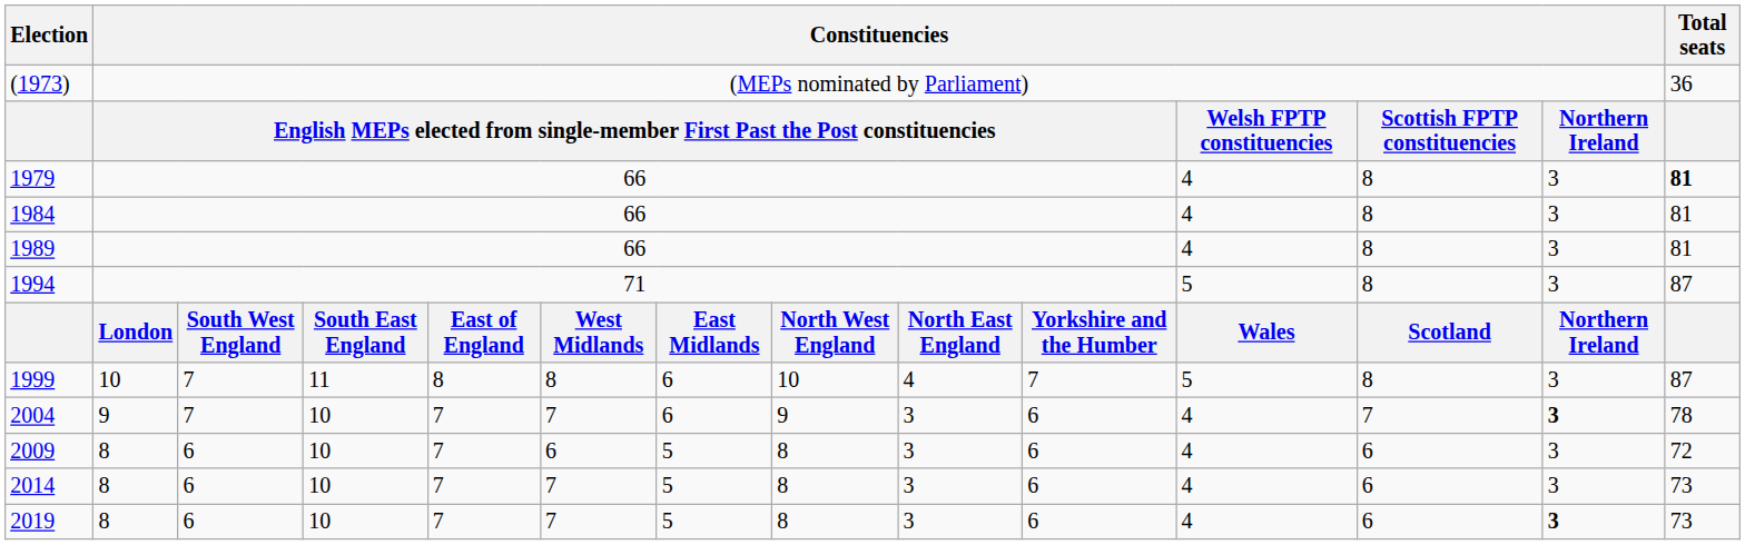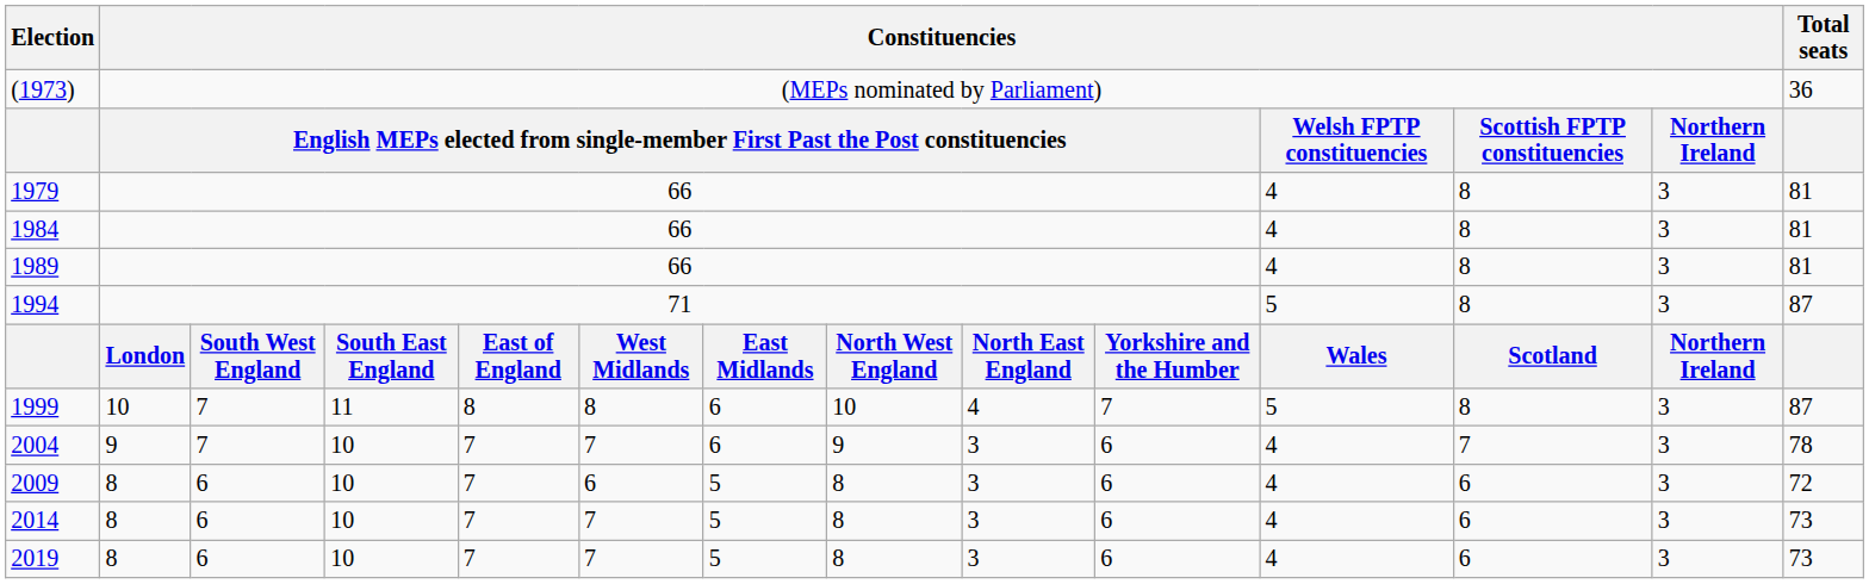 <table class="wikitable">
 <tr>
 <th>Election</th>
 <th colspan="12">Constituencies</th>
 <th>Total seats</th>
 </tr>
 <tr>
 <td>(<a href='#'>1973</a>)</td>
 <td colspan="12" align ="center">(<a href='#'>MEPs</a> nominated by <a href='#'>Parliament</a>)</td>
 <td>36</td>
 </tr>
 <tr>
 <th></th>
 <th colspan="9" align ="center"><a href='#'>English</a> <a href='#'>MEPs</a> elected from single-member <a href='#'>First Past the Post</a> constituencies</th>
 <th><a href='#'>Welsh FPTP constituencies</a></th>
 <th><a href='#'>Scottish FPTP constituencies</a></th>
 <th><a href='#'>Northern Ireland</a></th>
 <th></th>
 </tr>
 <tr>
 <td><a href='#'>1979</a></td>
 <td colspan="9" align ="center">66</td>
 <td>4</td>
 <td>8</td>
 <td>3</td>
-<td><strong>81</strong></td>
+<td>81</td>
 </tr>
 <tr>
 <td><a href='#'>1984</a></td>
 <td colspan="9" align ="center">66</td>
 <td>4</td>
 <td>8</td>
 <td>3</td>
 <td>81</td>
 </tr>
 <tr>
 <td><a href='#'>1989</a></td>
 <td colspan="9" align ="center">66</td>
 <td>4</td>
 <td>8</td>
 <td>3</td>
 <td>81</td>
 </tr>
 <tr>
 <td><a href='#'>1994</a></td>
 <td colspan="9" align ="center">71</td>
 <td>5</td>
 <td>8</td>
 <td>3</td>
 <td>87</td>
 </tr>
 <tr>
 <th></th>
 <th><a href='#'>London</a></th>
 <th><a href='#'>South West England</a></th>
 <th><a href='#'>South East England</a></th>
 <th><a href='#'>East of England</a></th>
 <th><a href='#'>West Midlands</a></th>
 <th><a href='#'>East Midlands</a></th>
 <th><a href='#'>North West England</a></th>
 <th><a href='#'>North East England</a></th>
 <th><a href='#'>Yorkshire and the Humber</a></th>
 <th><a href='#'>Wales</a></th>
 <th><a href='#'>Scotland</a></th>
 <th><a href='#'>Northern Ireland</a></th>
 <th></th>
 </tr>
 <tr>
 <td><a href='#'>1999</a></td>
 <td>10</td>
 <td>7</td>
 <td>11</td>
 <td>8</td>
 <td>8</td>
 <td>6</td>
 <td>10</td>
 <td>4</td>
 <td>7</td>
 <td>5</td>
 <td>8</td>
 <td>3</td>
 <td>87</td>
 </tr>
 <tr>
 <td><a href='#'>2004</a></td>
 <td>9</td>
 <td>7</td>
 <td>10</td>
 <td>7</td>
 <td>7</td>
 <td>6</td>
 <td>9</td>
 <td>3</td>
 <td>6</td>
 <td>4</td>
 <td>7</td>
-<td><strong>3</strong></td>
+<td>3</td>
 <td>78</td>
 </tr>
 <tr>
 <td><a href='#'>2009</a></td>
 <td>8</td>
 <td>6</td>
 <td>10</td>
 <td>7</td>
 <td>6</td>
 <td>5</td>
 <td>8</td>
 <td>3</td>
 <td>6</td>
 <td>4</td>
 <td>6</td>
 <td>3</td>
 <td>72</td>
 </tr>
 <tr>
 <td><a href='#'>2014</a></td>
 <td>8</td>
 <td>6</td>
 <td>10</td>
 <td>7</td>
 <td>7</td>
 <td>5</td>
 <td>8</td>
 <td>3</td>
 <td>6</td>
 <td>4</td>
 <td>6</td>
 <td>3</td>
 <td>73</td>
 </tr>
 <tr>
 <td><a href='#'>2019</a></td>
 <td>8</td>
 <td>6</td>
 <td>10</td>
 <td>7</td>
 <td>7</td>
 <td>5</td>
 <td>8</td>
 <td>3</td>
 <td>6</td>
 <td>4</td>
 <td>6</td>
-<td><strong>3</strong></td>
+<td>3</td>
 <td>73</td>
 </tr>
 </table>
